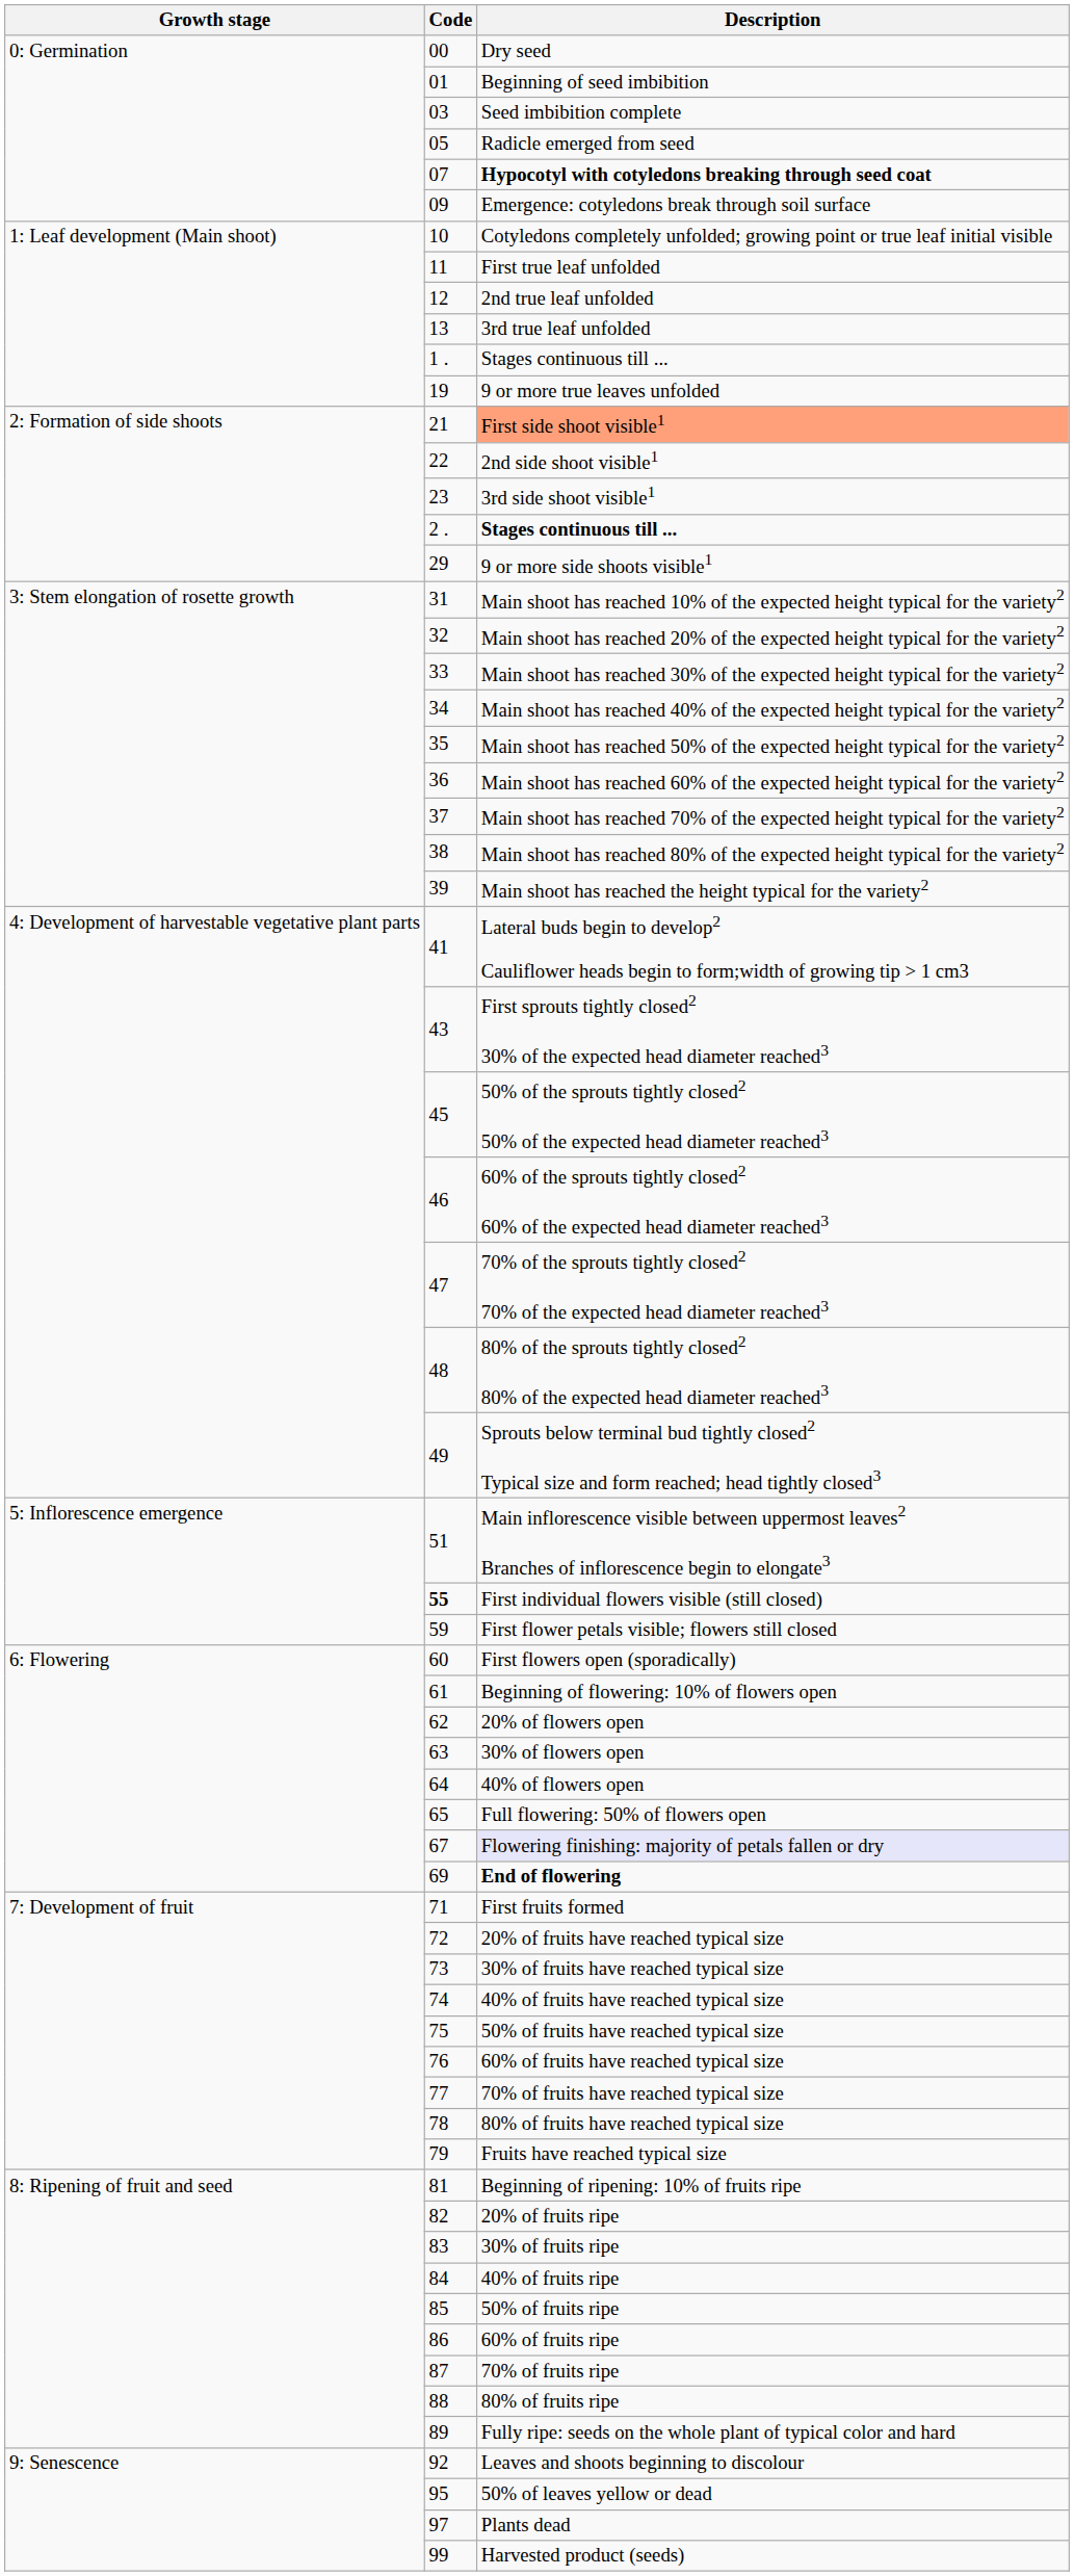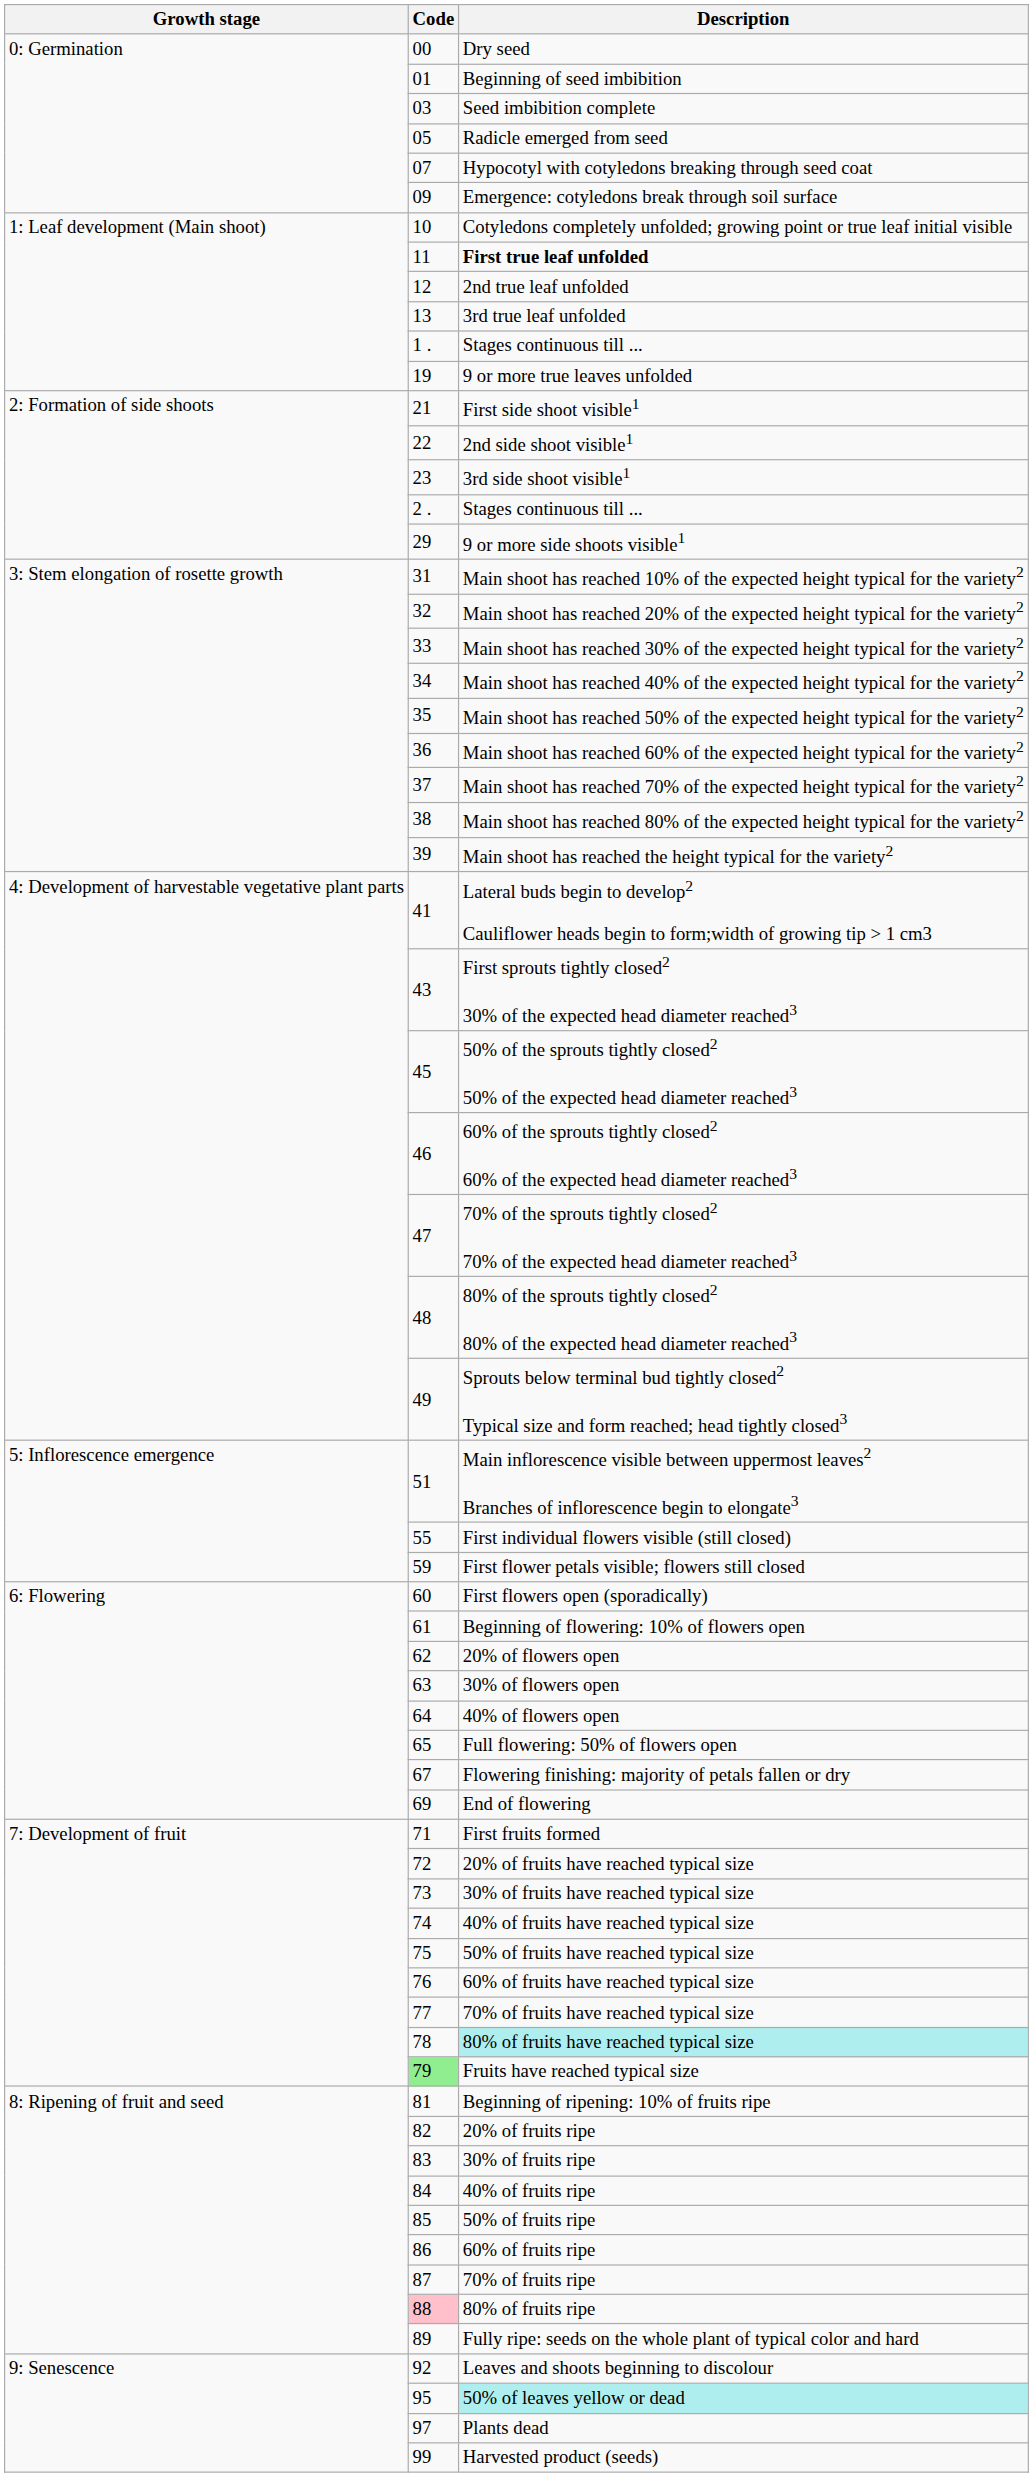 <table class="wikitable" style="clear">
 <tr>
 <th>Growth stage</th>
 <th>Code</th>
 <th>Description</th>
 </tr>
 <tr>
 <td rowspan="6" style="vertical-align:top">0: Germination</td>
 <td>00</td>
 <td>Dry seed</td>
 </tr>
 <tr>
 <td>01</td>
 <td>Beginning of seed imbibition</td>
 </tr>
 <tr>
 <td>03</td>
 <td>Seed imbibition complete</td>
 </tr>
 <tr>
 <td>05</td>
 <td>Radicle emerged from seed</td>
 </tr>
 <tr>
 <td>07</td>
-<td><strong>Hypocotyl with cotyledons breaking through seed coat</strong></td>
+<td>Hypocotyl with cotyledons breaking through seed coat</td>
 </tr>
 <tr>
 <td>09</td>
 <td>Emergence: cotyledons break through soil surface</td>
 </tr>
 <tr>
 <td rowspan="6" style="vertical-align:top">1: Leaf development (Main shoot)</td>
 <td>10</td>
 <td>Cotyledons completely unfolded; growing point or true leaf initial visible</td>
 </tr>
 <tr>
 <td>11</td>
-<td>First true leaf unfolded</td>
+<td><strong>First true leaf unfolded</strong></td>
 </tr>
 <tr>
 <td>12</td>
 <td>2nd true leaf unfolded</td>
 </tr>
 <tr>
 <td>13</td>
 <td>3rd true leaf unfolded</td>
 </tr>
 <tr>
 <td>1 .</td>
 <td>Stages continuous till ...</td>
 </tr>
 <tr>
 <td>19</td>
 <td>9 or more true leaves unfolded</td>
 </tr>
 <tr>
 <td rowspan="5" style="vertical-align:top">2: Formation of side shoots</td>
 <td>21</td>
-<td style="background: lightsalmon;">First side shoot visible<sup>1</sup></td>
+<td>First side shoot visible<sup>1</sup></td>
 </tr>
 <tr>
 <td>22</td>
 <td>2nd side shoot visible<sup>1</sup></td>
 </tr>
 <tr>
 <td>23</td>
 <td>3rd side shoot visible<sup>1</sup></td>
 </tr>
 <tr>
 <td>2 .</td>
-<td><strong>Stages continuous till ...</strong></td>
+<td>Stages continuous till ...</td>
 </tr>
 <tr>
 <td>29</td>
 <td>9 or more side shoots visible<sup>1</sup></td>
 </tr>
 <tr>
 <td rowspan="9" style="vertical-align:top">3: Stem elongation of rosette growth</td>
 <td>31</td>
 <td>Main shoot has reached 10% of the expected height typical for the variety<sup>2</sup></td>
 </tr>
 <tr>
 <td>32</td>
 <td>Main shoot has reached 20% of the expected height typical for the variety<sup>2</sup></td>
 </tr>
 <tr>
 <td>33</td>
 <td>Main shoot has reached 30% of the expected height typical for the variety<sup>2</sup></td>
 </tr>
 <tr>
 <td>34</td>
 <td>Main shoot has reached 40% of the expected height typical for the variety<sup>2</sup></td>
 </tr>
 <tr>
 <td>35</td>
 <td>Main shoot has reached 50% of the expected height typical for the variety<sup>2</sup></td>
 </tr>
 <tr>
 <td>36</td>
 <td>Main shoot has reached 60% of the expected height typical for the variety<sup>2</sup></td>
 </tr>
 <tr>
 <td>37</td>
 <td>Main shoot has reached 70% of the expected height typical for the variety<sup>2</sup></td>
 </tr>
 <tr>
 <td>38</td>
 <td>Main shoot has reached 80% of the expected height typical for the variety<sup>2</sup></td>
 </tr>
 <tr>
 <td>39</td>
 <td>Main shoot has reached the height typical for the variety<sup>2</sup></td>
 </tr>
 <tr>
 <td rowspan="7" style="vertical-align:top">4: Development of harvestable vegetative plant parts</td>
 <td>41</td>
 <td>Lateral buds begin to develop<sup>2</sup><br><br>Cauliflower heads begin to form;width of growing tip > 1 cm3</td>
 </tr>
 <tr>
 <td>43</td>
 <td>First sprouts tightly closed<sup>2</sup><br><br>30% of the expected head diameter reached<sup>3</sup></td>
 </tr>
 <tr>
 <td>45</td>
 <td>50% of the sprouts tightly closed<sup>2</sup><br><br>50% of the expected head diameter reached<sup>3</sup></td>
 </tr>
 <tr>
 <td>46</td>
 <td>60% of the sprouts tightly closed<sup>2</sup><br><br>60% of the expected head diameter reached<sup>3</sup></td>
 </tr>
 <tr>
 <td>47</td>
 <td>70% of the sprouts tightly closed<sup>2</sup><br><br>70% of the expected head diameter reached<sup>3</sup></td>
 </tr>
 <tr>
 <td>48</td>
 <td>80% of the sprouts tightly closed<sup>2</sup><br><br>80% of the expected head diameter reached<sup>3</sup></td>
 </tr>
 <tr>
 <td>49</td>
 <td>Sprouts below terminal bud tightly closed<sup>2</sup><br><br>Typical size and form reached; head tightly closed<sup>3</sup></td>
 </tr>
 <tr>
 <td rowspan="3" style="vertical-align:top">5: Inflorescence emergence</td>
 <td>51</td>
 <td>Main inflorescence visible between uppermost leaves<sup>2</sup><br><br>Branches of inflorescence begin to elongate<sup>3</sup></td>
 </tr>
 <tr>
-<td><strong>55</strong></td>
+<td>55</td>
 <td>First individual flowers visible (still closed)</td>
 </tr>
 <tr>
 <td>59</td>
 <td>First flower petals visible; flowers still closed</td>
 </tr>
 <tr>
 <td rowspan="8" style="vertical-align:top">6: Flowering</td>
 <td>60</td>
 <td>First flowers open (sporadically)</td>
 </tr>
 <tr>
 <td>61</td>
 <td>Beginning of flowering: 10% of flowers open</td>
 </tr>
 <tr>
 <td>62</td>
 <td>20% of flowers open</td>
 </tr>
 <tr>
 <td>63</td>
 <td>30% of flowers open</td>
 </tr>
 <tr>
 <td>64</td>
 <td>40% of flowers open</td>
 </tr>
 <tr>
 <td>65</td>
 <td>Full flowering: 50% of flowers open</td>
 </tr>
 <tr>
 <td>67</td>
-<td style="background: lavender;">Flowering finishing: majority of petals fallen or dry</td>
+<td>Flowering finishing: majority of petals fallen or dry</td>
 </tr>
 <tr>
 <td>69</td>
-<td><strong>End of flowering</strong></td>
+<td>End of flowering</td>
 </tr>
 <tr>
 <td rowspan="9" style="vertical-align:top">7: Development of fruit</td>
 <td>71</td>
 <td>First fruits formed</td>
 </tr>
 <tr>
 <td>72</td>
 <td>20% of fruits have reached typical size</td>
 </tr>
 <tr>
 <td>73</td>
 <td>30% of fruits have reached typical size</td>
 </tr>
 <tr>
 <td>74</td>
 <td>40% of fruits have reached typical size</td>
 </tr>
 <tr>
 <td>75</td>
 <td>50% of fruits have reached typical size</td>
 </tr>
 <tr>
 <td>76</td>
 <td>60% of fruits have reached typical size</td>
 </tr>
 <tr>
 <td>77</td>
 <td>70% of fruits have reached typical size</td>
 </tr>
 <tr>
 <td>78</td>
-<td>80% of fruits have reached typical size</td>
+<td style="background: paleturquoise;">80% of fruits have reached typical size</td>
 </tr>
 <tr>
-<td>79</td>
+<td style="background: lightgreen;">79</td>
 <td>Fruits have reached typical size</td>
 </tr>
 <tr>
 <td rowspan="9" style="vertical-align:top">8: Ripening of fruit and seed</td>
 <td>81</td>
 <td>Beginning of ripening: 10% of fruits ripe</td>
 </tr>
 <tr>
 <td>82</td>
 <td>20% of fruits ripe</td>
 </tr>
 <tr>
 <td>83</td>
 <td>30% of fruits ripe</td>
 </tr>
 <tr>
 <td>84</td>
 <td>40% of fruits ripe</td>
 </tr>
 <tr>
 <td>85</td>
 <td>50% of fruits ripe</td>
 </tr>
 <tr>
 <td>86</td>
 <td>60% of fruits ripe</td>
 </tr>
 <tr>
 <td>87</td>
 <td>70% of fruits ripe</td>
 </tr>
 <tr>
-<td>88</td>
+<td style="background: pink;">88</td>
 <td>80% of fruits ripe</td>
 </tr>
 <tr>
 <td>89</td>
 <td>Fully ripe: seeds on the whole plant of typical color and hard</td>
 </tr>
 <tr>
 <td rowspan="4" style="vertical-align:top">9: Senescence</td>
 <td>92</td>
 <td>Leaves and shoots beginning to discolour</td>
 </tr>
 <tr>
 <td>95</td>
-<td>50% of leaves yellow or dead</td>
+<td style="background: paleturquoise;">50% of leaves yellow or dead</td>
 </tr>
 <tr>
 <td>97</td>
 <td>Plants dead</td>
 </tr>
 <tr>
 <td>99</td>
 <td>Harvested product (seeds)</td>
 </tr>
 </table>
